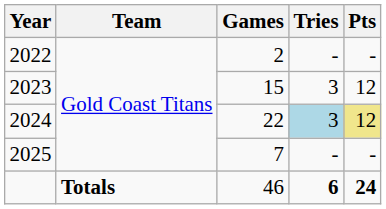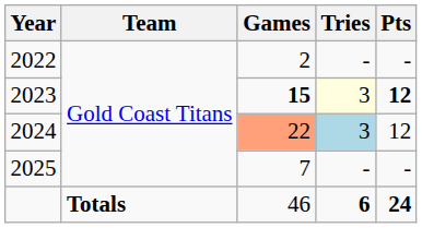 <table class="wikitable">
 <tr>
 <th>Year</th>
 <th>Team</th>
 <th>Games</th>
 <th>Tries</th>
 <th>Pts</th>
 </tr>
 <tr>
 <td align=center>2022</td>
 <td rowspan=4> <a href='#'>Gold Coast Titans</a></td>
 <td align=right>2</td>
 <td align=right>-</td>
 <td align=right>-</td>
 </tr>
 <tr>
 <td align=center>2023</td>
-<td align=right>15</td>
-<td align=right>3</td>
-<td align=right>12</td>
+<td align=right><strong>15</strong></td>
+<td align=right style="background: lightyellow;">3</td>
+<td align=right><strong>12</strong></td>
 </tr>
 <tr>
 <td align=center>2024</td>
-<td align=right>22</td>
+<td align=right style="background: lightsalmon;">22</td>
 <td align=right style="background: lightblue;">3</td>
-<td align=right style="background: khaki;">12</td>
+<td align=right>12</td>
 </tr>
 <tr>
 <td align=center>2025</td>
 <td align=right>7</td>
 <td align=right>-</td>
 <td align=right>-</td>
 </tr>
 <tr>
 <td></td>
 <td align=left><strong>Totals</strong></td>
 <td align=right>46</td>
 <td align=right><strong>6</strong></td>
 <td align=right><strong>24</strong></td>
 </tr>
 </table>
